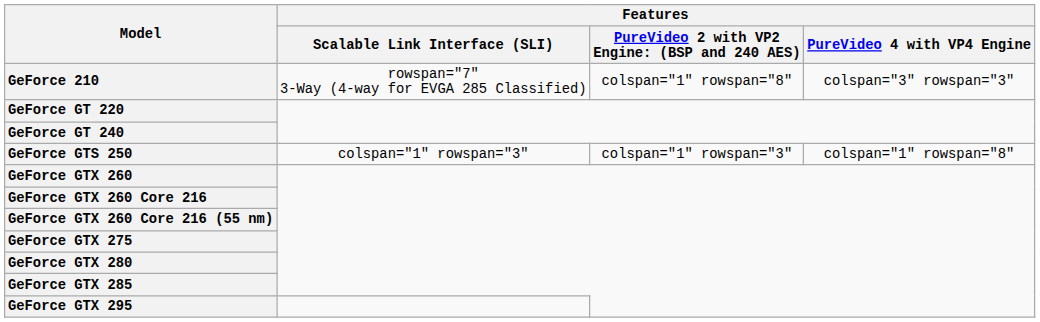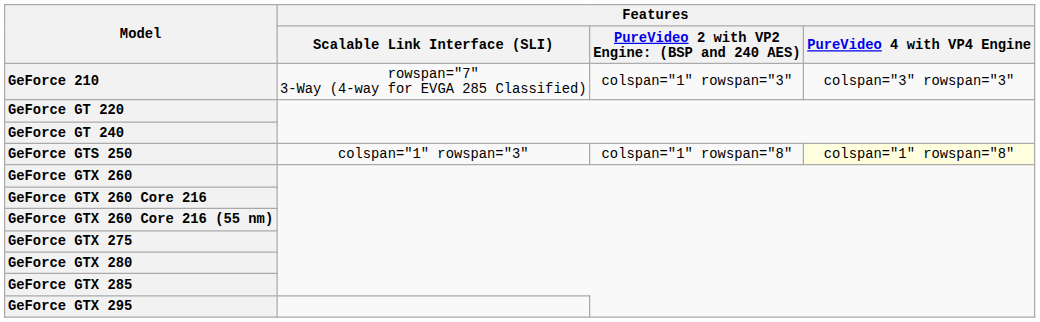 <table class="mw-datatable wikitable sortable sort-under" style="font-size:85%; text-align:center;">
 <tr>
 <th rowspan="2">Model</th>
 <th colspan="3">Features</th>
 </tr>
 <tr>
 <th>Scalable Link Interface (SLI)</th>
 <th><a href='#'>PureVideo</a> 2 with VP2<br>Engine: (BSP and 240 AES)</th>
 <th><a href='#'>PureVideo</a> 4 with VP4 Engine</th>
 </tr>
 <tr>
 <th style="text-align:left;">GeForce 210</th>
 <td>rowspan="7" <br>3-Way (4-way for EVGA 285 Classified)</td>
-<td>colspan="1" rowspan="8" </td>
+<td>colspan="1" rowspan="3" </td>
 <td>colspan="3" rowspan="3" </td>
 </tr>
 <tr>
 <th style="text-align:left;">GeForce GT 220</th>
 </tr>
 <tr>
 <th style="text-align:left;">GeForce GT 240</th>
 </tr>
 <tr>
 <th style="text-align:left;">GeForce GTS 250</th>
 <td>colspan="1" rowspan="3" </td>
-<td>colspan="1" rowspan="3" </td>
 <td>colspan="1" rowspan="8" </td>
+<td style="background: lightyellow;">colspan="1" rowspan="8" </td>
 </tr>
 <tr>
 <th style="text-align:left;">GeForce GTX 260</th>
 </tr>
 <tr>
 <th style="text-align:left;">GeForce GTX 260 Core 216</th>
 </tr>
 <tr>
 <th style="text-align:left;">GeForce GTX 260 Core 216 (55 nm)</th>
 </tr>
 <tr>
 <th style="text-align:left;">GeForce GTX 275</th>
 </tr>
 <tr>
 <th style="text-align:left;">GeForce GTX 280</th>
 </tr>
 <tr>
 <th style="text-align:left;">GeForce GTX 285</th>
 </tr>
 <tr>
 <th style="text-align:left;">GeForce GTX 295</th>
 <td></td>
 </tr>
 </table>
